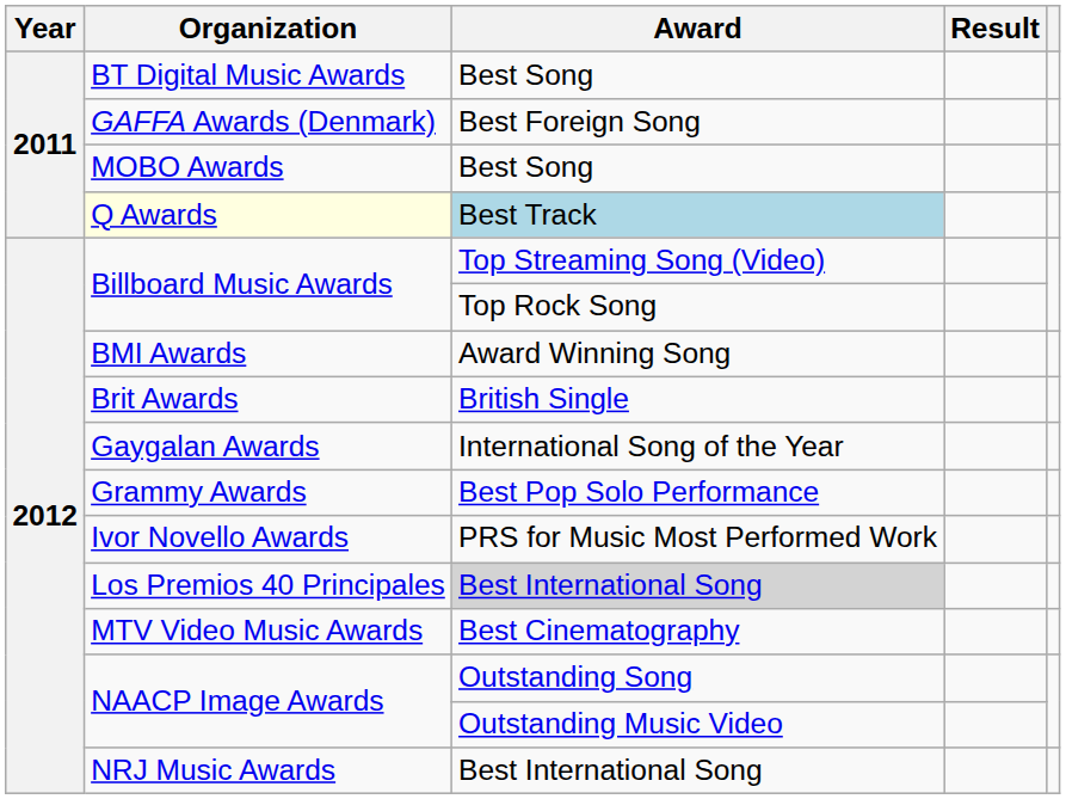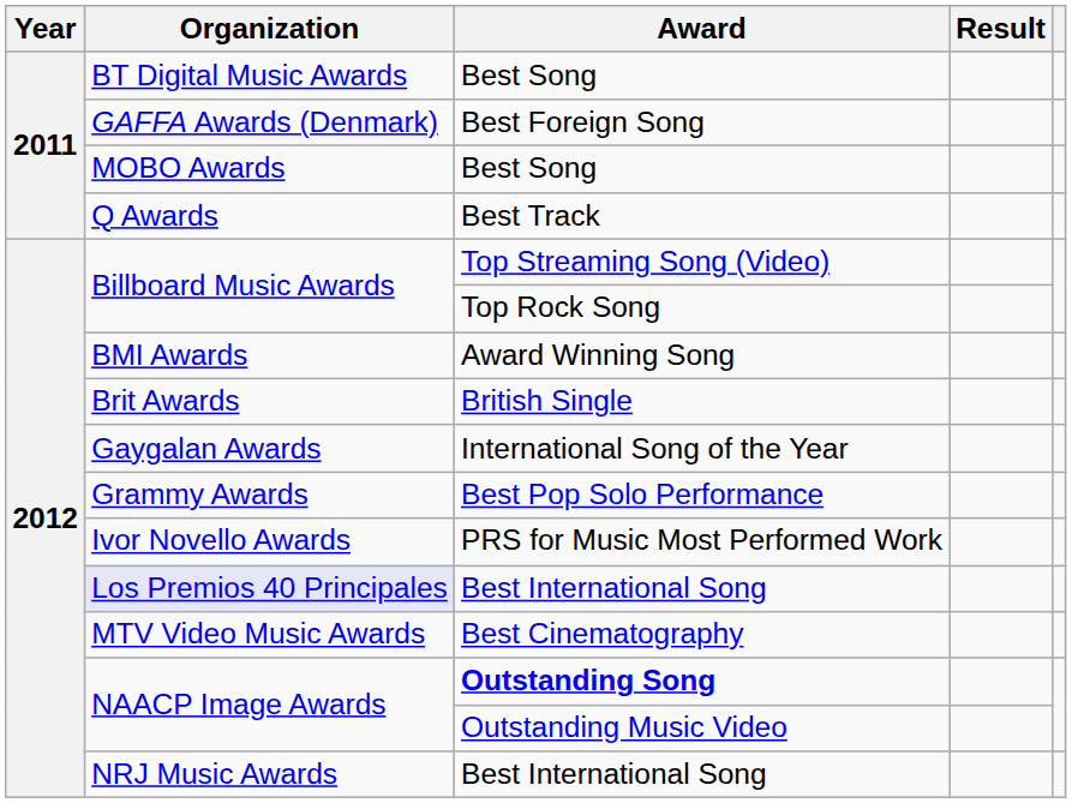 <table class="wikitable sortable plainrowheaders">
 <tr>
 <th scope="col">Year</th>
 <th scope="col">Organization</th>
 <th scope="col">Award</th>
 <th scope="col">Result</th>
 <th scope="col" class="unsortable"></th>
 </tr>
 <tr>
 <th rowspan="4" scope="row">2011</th>
 <td><a href='#'>BT Digital Music Awards</a></td>
 <td>Best Song</td>
 <td></td>
 <td rowspan="1" style="text-align:center;"></td>
 </tr>
 <tr>
 <td><a href='#'><em>GAFFA</em> Awards (Denmark)</a></td>
 <td>Best Foreign Song</td>
 <td></td>
 <td style="text-align:center;" rowspan="1"></td>
 </tr>
 <tr>
 <td><a href='#'>MOBO Awards</a></td>
 <td>Best Song</td>
 <td></td>
 <td rowspan="1" style="text-align:center;"></td>
 </tr>
 <tr>
-<td style="background: lightyellow;"><a href='#'>Q Awards</a></td>
-<td style="background: lightblue;">Best Track</td>
+<td><a href='#'>Q Awards</a></td>
+<td>Best Track</td>
 <td></td>
 <td style="text-align:center;"></td>
 </tr>
 <tr>
 <th rowspan="12" scope="row">2012</th>
 <td rowspan=2><a href='#'>Billboard Music Awards</a></td>
 <td><a href='#'>Top Streaming Song (Video)</a></td>
 <td></td>
 <td rowspan="2" style="text-align: center;"></td>
 </tr>
 <tr>
 <td>Top Rock Song</td>
 <td></td>
 </tr>
 <tr>
 <td><a href='#'>BMI Awards</a></td>
 <td>Award Winning Song</td>
 <td></td>
 <td rowspan="1" style="text-align:center;"></td>
 </tr>
 <tr>
 <td><a href='#'>Brit Awards</a></td>
 <td><a href='#'>British Single</a></td>
 <td></td>
 <td rowspan="1" style="text-align:center;"></td>
 </tr>
 <tr>
 <td><a href='#'>Gaygalan Awards</a></td>
 <td>International Song of the Year</td>
 <td></td>
 <td style="text-align:center;"></td>
 </tr>
 <tr>
 <td><a href='#'>Grammy Awards</a></td>
 <td><a href='#'>Best Pop Solo Performance</a></td>
 <td></td>
 <td rowspan="1" style="text-align:center;"></td>
 </tr>
 <tr>
 <td><a href='#'>Ivor Novello Awards</a></td>
 <td>PRS for Music Most Performed Work</td>
 <td></td>
 <td rowspan="1" style="text-align:center;"></td>
 </tr>
 <tr>
-<td><a href='#'>Los Premios 40 Principales</a></td>
-<td style="background: lightgrey;"><a href='#'>Best International Song</a></td>
+<td style="background: lavender;"><a href='#'>Los Premios 40 Principales</a></td>
+<td><a href='#'>Best International Song</a></td>
 <td></td>
 <td style="text-align:center;"></td>
 </tr>
 <tr>
 <td><a href='#'>MTV Video Music Awards</a></td>
 <td><a href='#'>Best Cinematography</a></td>
 <td></td>
 <td style="text-align:center;"></td>
 </tr>
 <tr>
 <td rowspan=2><a href='#'>NAACP Image Awards</a></td>
-<td><a href='#'>Outstanding Song</a></td>
+<td><strong><a href='#'>Outstanding Song</a></strong></td>
 <td></td>
 <td rowspan="2" style="text-align:center;"></td>
 </tr>
 <tr>
 <td><a href='#'>Outstanding Music Video</a></td>
 <td></td>
 </tr>
 <tr>
 <td><a href='#'>NRJ Music Awards</a></td>
 <td>Best International Song</td>
 <td></td>
 <td rowspan="1" style="text-align:center;"></td>
 </tr>
 </table>
